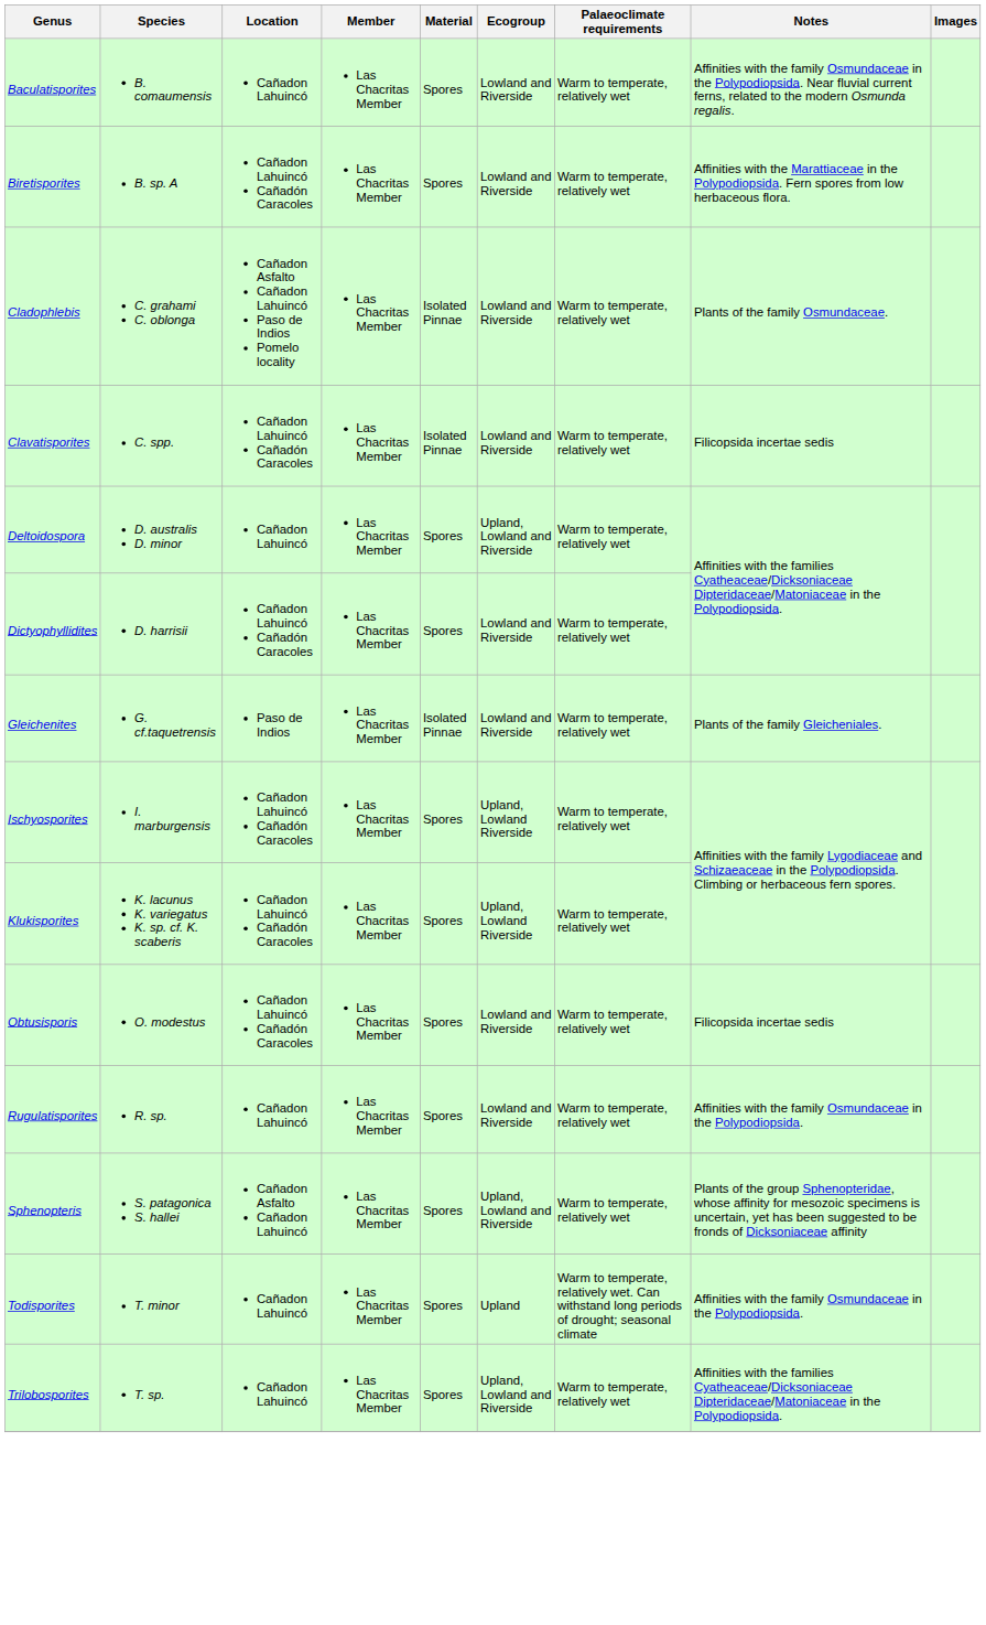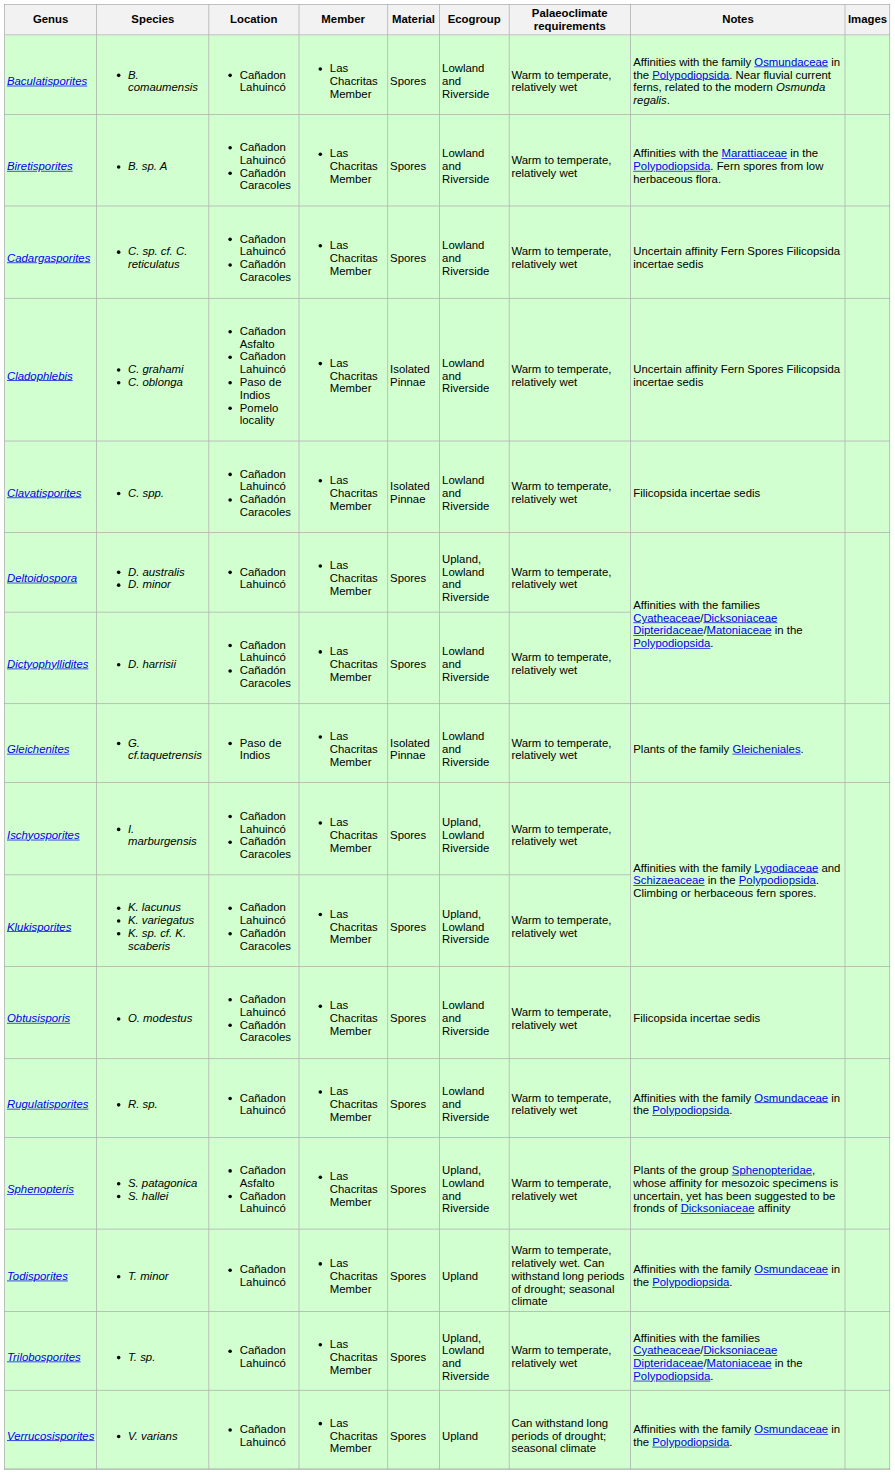 <table class="wikitable sortable">
 <tr>
 <th>Genus</th>
 <th>Species</th>
 <th>Location</th>
 <th>Member</th>
 <th>Material</th>
 <th>Ecogroup</th>
 <th>Palaeoclimate requirements</th>
 <th>Notes</th>
 <th>Images</th>
 </tr>
 <tr>
 <td style="background:#D1FFCF;"><br><em><a href='#'>Baculatisporites</a></em></td>
 <td style="background:#D1FFCF;"><br><ul><li><em>B. comaumensis</em></li></ul></td>
 <td style="background:#D1FFCF;"><br><ul><li>Cañadon Lahuincó</li></ul></td>
 <td style="background:#D1FFCF;"><br><ul><li>Las Chacritas Member</li></ul></td>
 <td style="background:#D1FFCF;"><br>Spores</td>
 <td style="background:#D1FFCF;"><br>Lowland and Riverside</td>
 <td style="background:#D1FFCF;"><br>Warm to temperate, relatively wet</td>
 <td style="background:#D1FFCF;"><br>Affinities with the family <a href='#'>Osmundaceae</a> in the <a href='#'>Polypodiopsida</a>. Near fluvial current ferns, related to the modern <em>Osmunda regalis</em>.</td>
 <td style="background:#D1FFCF;"><br></td>
 </tr>
 <tr>
 <td style="background:#D1FFCF;"><br><em><a href='#'>Biretisporites</a></em></td>
 <td style="background:#D1FFCF;"><br><ul><li><em>B. sp. A</em></li></ul></td>
 <td style="background:#D1FFCF;"><br><ul><li>Cañadon Lahuincó</li><li>Cañadón Caracoles</li></ul></td>
 <td style="background:#D1FFCF;"><br><ul><li>Las Chacritas Member</li></ul></td>
 <td style="background:#D1FFCF;"><br>Spores</td>
 <td style="background:#D1FFCF;"><br>Lowland and Riverside</td>
 <td style="background:#D1FFCF;"><br>Warm to temperate, relatively wet</td>
 <td style="background:#D1FFCF;"><br>Affinities with the <a href='#'>Marattiaceae</a> in the <a href='#'>Polypodiopsida</a>. Fern spores from low herbaceous flora.</td>
 <td style="background:#D1FFCF;"><br></td>
 </tr>
 <tr>
+<td style="background:#D1FFCF;"><br><em><a href='#'>Cadargasporites</a></em></td>
+<td style="background:#D1FFCF;"><br><ul><li><em>C. sp. cf. C. reticulatus</em></li></ul></td>
+<td style="background:#D1FFCF;"><br><ul><li>Cañadon Lahuincó</li><li>Cañadón Caracoles</li></ul></td>
+<td style="background:#D1FFCF;"><br><ul><li>Las Chacritas Member</li></ul></td>
+<td style="background:#D1FFCF;"><br>Spores</td>
+<td style="background:#D1FFCF;"><br>Lowland and Riverside</td>
+<td style="background:#D1FFCF;"><br>Warm to temperate, relatively wet</td>
+<td style="background:#D1FFCF;"><br>Uncertain affinity Fern Spores Filicopsida incertae sedis</td>
+<td style="background:#D1FFCF;"></td>
+</tr>
+<tr>
 <td style="background:#D1FFCF;"><br><em><a href='#'>Cladophlebis</a></em></td>
 <td style="background:#D1FFCF;"><br><ul><li><em>C. grahami</em></li><li><em>C. oblonga</em></li></ul></td>
 <td style="background:#D1FFCF;"><br><ul><li>Cañadon Asfalto</li><li>Cañadon Lahuincó</li><li>Paso de Indios</li><li>Pomelo locality</li></ul></td>
 <td style="background:#D1FFCF;"><br><ul><li>Las Chacritas Member</li></ul></td>
 <td style="background:#D1FFCF;"><br>Isolated Pinnae</td>
 <td style="background:#D1FFCF;"><br>Lowland and Riverside</td>
 <td style="background:#D1FFCF;"><br>Warm to temperate, relatively wet</td>
-<td style="background:#D1FFCF;"><br>Plants of the family <a href='#'>Osmundaceae</a>.</td>
+<td style="background:#D1FFCF;"><br>Uncertain affinity Fern Spores Filicopsida incertae sedis</td>
 <td style="background:#D1FFCF;"><br></td>
 </tr>
 <tr>
 <td style="background:#D1FFCF;"><br><em><a href='#'>Clavatisporites</a></em></td>
 <td style="background:#D1FFCF;"><br><ul><li><em>C. spp.</em></li></ul></td>
 <td style="background:#D1FFCF;"><br><ul><li>Cañadon Lahuincó</li><li>Cañadón Caracoles</li></ul></td>
 <td style="background:#D1FFCF;"><br><ul><li>Las Chacritas Member</li></ul></td>
 <td style="background:#D1FFCF;"><br>Isolated Pinnae</td>
 <td style="background:#D1FFCF;"><br>Lowland and Riverside</td>
 <td style="background:#D1FFCF;"><br>Warm to temperate, relatively wet</td>
 <td style="background:#D1FFCF;"><br>Filicopsida incertae sedis</td>
 <td style="background:#D1FFCF;"></td>
 </tr>
 <tr>
 <td style="background:#D1FFCF;"><br><em><a href='#'>Deltoidospora</a></em></td>
 <td style="background:#D1FFCF;"><br><ul><li><em>D. australis</em></li><li><em>D. minor</em></li></ul></td>
 <td style="background:#D1FFCF;"><br><ul><li>Cañadon Lahuincó</li></ul></td>
 <td style="background:#D1FFCF;"><br><ul><li>Las Chacritas Member</li></ul></td>
 <td style="background:#D1FFCF;"><br>Spores</td>
 <td style="background:#D1FFCF;"><br>Upland, Lowland and Riverside</td>
 <td style="background:#D1FFCF;"><br>Warm to temperate, relatively wet</td>
 <td style="background:#D1FFCF;" rowspan="2"><br>Affinities with the families <a href='#'>Cyatheaceae</a>/<a href='#'>Dicksoniaceae</a> <a href='#'>Dipteridaceae</a>/<a href='#'>Matoniaceae</a> in the <a href='#'>Polypodiopsida</a>.</td>
 <td style="background:#D1FFCF;" rowspan="2"></td>
 </tr>
 <tr>
 <td style="background:#D1FFCF;"><br><em><a href='#'>Dictyophyllidites</a></em></td>
 <td style="background:#D1FFCF;"><br><ul><li><em>D. harrisii</em></li></ul></td>
 <td style="background:#D1FFCF;"><br><ul><li>Cañadon Lahuincó</li><li>Cañadón Caracoles</li></ul></td>
 <td style="background:#D1FFCF;"><br><ul><li>Las Chacritas Member</li></ul></td>
 <td style="background:#D1FFCF;"><br>Spores</td>
 <td style="background:#D1FFCF;"><br>Lowland and Riverside</td>
 <td style="background:#D1FFCF;"><br>Warm to temperate, relatively wet</td>
 </tr>
 <tr>
 <td style="background:#D1FFCF;"><br><em><a href='#'>Gleichenites</a></em></td>
 <td style="background:#D1FFCF;"><br><ul><li><em>G. cf.taquetrensis</em></li></ul></td>
 <td style="background:#D1FFCF;"><br><ul><li>Paso de Indios</li></ul></td>
 <td style="background:#D1FFCF;"><br><ul><li>Las Chacritas Member</li></ul></td>
 <td style="background:#D1FFCF;"><br>Isolated Pinnae</td>
 <td style="background:#D1FFCF;"><br>Lowland and Riverside</td>
 <td style="background:#D1FFCF;"><br>Warm to temperate, relatively wet</td>
 <td style="background:#D1FFCF;"><br>Plants of the family <a href='#'>Gleicheniales</a>.</td>
 <td style="background:#D1FFCF;"></td>
 </tr>
 <tr>
 <td style="background:#D1FFCF;"><br><em><a href='#'>Ischyosporites</a></em></td>
 <td style="background:#D1FFCF;"><br><ul><li><em>I. marburgensis</em></li></ul></td>
 <td style="background:#D1FFCF;"><br><ul><li>Cañadon Lahuincó</li><li>Cañadón Caracoles</li></ul></td>
 <td style="background:#D1FFCF;"><br><ul><li>Las Chacritas Member</li></ul></td>
 <td style="background:#D1FFCF;"><br>Spores</td>
 <td style="background:#D1FFCF;"><br>Upland, Lowland Riverside</td>
 <td style="background:#D1FFCF;"><br>Warm to temperate, relatively wet</td>
 <td style="background:#D1FFCF;" rowspan="2"><br>Affinities with the family <a href='#'>Lygodiaceae</a> and <a href='#'>Schizaeaceae</a> in the <a href='#'>Polypodiopsida</a>. Climbing or herbaceous fern spores.</td>
 <td style="background:#D1FFCF;" rowspan="2"><br></td>
 </tr>
 <tr>
 <td style="background:#D1FFCF;"><br><em><a href='#'>Klukisporites</a></em></td>
 <td style="background:#D1FFCF;"><br><ul><li><em>K. lacunus</em></li><li><em>K. variegatus</em></li><li><em>K. sp. cf. K. scaberis</em></li></ul></td>
 <td style="background:#D1FFCF;"><br><ul><li>Cañadon Lahuincó</li><li>Cañadón Caracoles</li></ul></td>
 <td style="background:#D1FFCF;"><br><ul><li>Las Chacritas Member</li></ul></td>
 <td style="background:#D1FFCF;"><br>Spores</td>
 <td style="background:#D1FFCF;"><br>Upland, Lowland Riverside</td>
 <td style="background:#D1FFCF;"><br>Warm to temperate, relatively wet</td>
 </tr>
 <tr>
 <td style="background:#D1FFCF;"><br><em><a href='#'>Obtusisporis</a></em></td>
 <td style="background:#D1FFCF;"><br><ul><li><em>O. modestus</em></li></ul></td>
 <td style="background:#D1FFCF;"><br><ul><li>Cañadon Lahuincó</li><li>Cañadón Caracoles</li></ul></td>
 <td style="background:#D1FFCF;"><br><ul><li>Las Chacritas Member</li></ul></td>
 <td style="background:#D1FFCF;"><br>Spores</td>
 <td style="background:#D1FFCF;"><br>Lowland and Riverside</td>
 <td style="background:#D1FFCF;"><br>Warm to temperate, relatively wet</td>
 <td style="background:#D1FFCF;"><br>Filicopsida incertae sedis</td>
 <td style="background:#D1FFCF;"></td>
 </tr>
 <tr>
 <td style="background:#D1FFCF;"><br><em><a href='#'>Rugulatisporites</a></em></td>
 <td style="background:#D1FFCF;"><br><ul><li><em>R. sp.</em></li></ul></td>
 <td style="background:#D1FFCF;"><br><ul><li>Cañadon Lahuincó</li></ul></td>
 <td style="background:#D1FFCF;"><br><ul><li>Las Chacritas Member</li></ul></td>
 <td style="background:#D1FFCF;"><br>Spores</td>
 <td style="background:#D1FFCF;"><br>Lowland and Riverside</td>
 <td style="background:#D1FFCF;"><br>Warm to temperate, relatively wet</td>
 <td style="background:#D1FFCF;"><br>Affinities with the family <a href='#'>Osmundaceae</a> in the <a href='#'>Polypodiopsida</a>.</td>
 <td style="background:#D1FFCF;"></td>
 </tr>
 <tr>
 <td style="background:#D1FFCF;"><br><em><a href='#'>Sphenopteris</a></em></td>
 <td style="background:#D1FFCF;"><br><ul><li><em>S. patagonica</em></li><li><em>S. hallei</em></li></ul></td>
 <td style="background:#D1FFCF;"><br><ul><li>Cañadon Asfalto</li><li>Cañadon Lahuincó</li></ul></td>
 <td style="background:#D1FFCF;"><br><ul><li>Las Chacritas Member</li></ul></td>
 <td style="background:#D1FFCF;"><br>Spores</td>
 <td style="background:#D1FFCF;"><br>Upland, Lowland and Riverside</td>
 <td style="background:#D1FFCF;"><br>Warm to temperate, relatively wet</td>
 <td style="background:#D1FFCF;"><br>Plants of the group <a href='#'>Sphenopteridae</a>, whose affinity for mesozoic specimens is uncertain, yet has been suggested to be fronds of <a href='#'>Dicksoniaceae</a> affinity</td>
 <td style="background:#D1FFCF;"><br></td>
 </tr>
 <tr>
 <td style="background:#D1FFCF;"><br><em><a href='#'>Todisporites</a></em></td>
 <td style="background:#D1FFCF;"><br><ul><li><em>T. minor</em></li></ul></td>
 <td style="background:#D1FFCF;"><br><ul><li>Cañadon Lahuincó</li></ul></td>
 <td style="background:#D1FFCF;"><br><ul><li>Las Chacritas Member</li></ul></td>
 <td style="background:#D1FFCF;"><br>Spores</td>
 <td style="background:#D1FFCF;"><br>Upland</td>
 <td style="background:#D1FFCF;"><br>Warm to temperate, relatively wet. Can withstand long periods of drought; seasonal climate</td>
 <td style="background:#D1FFCF;"><br>Affinities with the family <a href='#'>Osmundaceae</a> in the <a href='#'>Polypodiopsida</a>.</td>
 <td style="background:#D1FFCF;"></td>
 </tr>
 <tr>
 <td style="background:#D1FFCF;"><br><em><a href='#'>Trilobosporites</a></em></td>
 <td style="background:#D1FFCF;"><br><ul><li><em>T. sp.</em></li></ul></td>
 <td style="background:#D1FFCF;"><br><ul><li>Cañadon Lahuincó</li></ul></td>
 <td style="background:#D1FFCF;"><br><ul><li>Las Chacritas Member</li></ul></td>
 <td style="background:#D1FFCF;"><br>Spores</td>
 <td style="background:#D1FFCF;"><br>Upland, Lowland and Riverside</td>
 <td style="background:#D1FFCF;"><br>Warm to temperate, relatively wet</td>
 <td style="background:#D1FFCF;"><br>Affinities with the families <a href='#'>Cyatheaceae</a>/<a href='#'>Dicksoniaceae</a> <a href='#'>Dipteridaceae</a>/<a href='#'>Matoniaceae</a> in the <a href='#'>Polypodiopsida</a>.</td>
 <td style="background:#D1FFCF;"></td>
 </tr>
 <tr>
+<td style="background:#D1FFCF;"><br><em><a href='#'>Verrucosisporites</a></em></td>
+<td style="background:#D1FFCF;"><br><ul><li><em>V. varians</em></li></ul></td>
+<td style="background:#D1FFCF;"><br><ul><li>Cañadon Lahuincó</li></ul></td>
+<td style="background:#D1FFCF;"><br><ul><li>Las Chacritas Member</li></ul></td>
+<td style="background:#D1FFCF;"><br>Spores</td>
+<td style="background:#D1FFCF;"><br>Upland</td>
+<td style="background:#D1FFCF;"><br>Can withstand long periods of drought; seasonal climate</td>
+<td style="background:#D1FFCF;"><br>Affinities with the family <a href='#'>Osmundaceae</a> in the <a href='#'>Polypodiopsida</a>.</td>
+<td style="background:#D1FFCF;"></td>
+</tr>
+<tr>
 </tr>
 </table>
